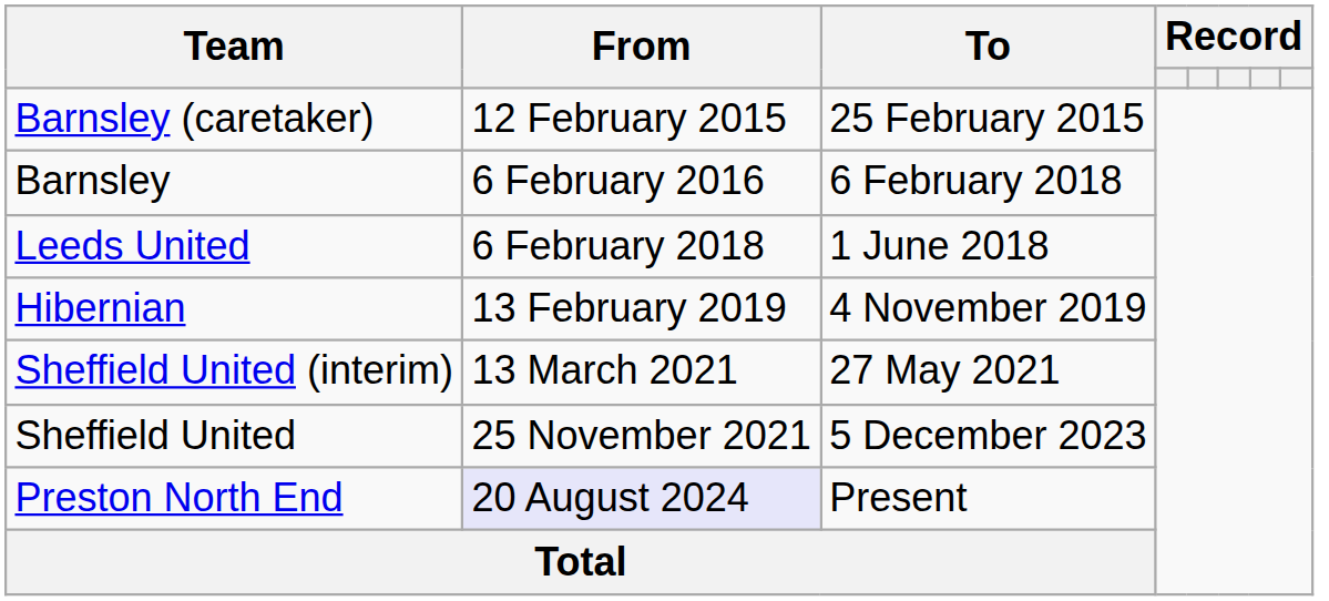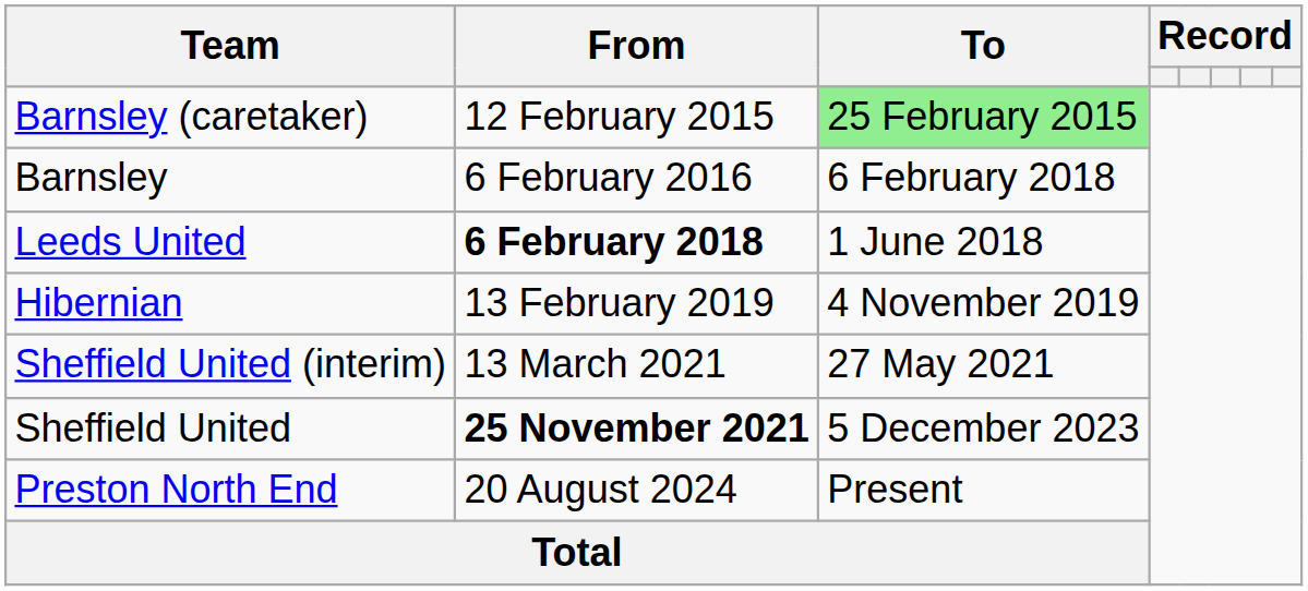 <table class="wikitable" style="text-align: center;">
 <tr>
 <th rowspan="2">Team</th>
 <th rowspan="2">From</th>
 <th rowspan="2">To</th>
 <th colspan="5">Record</th>
 </tr>
 <tr>
 <th></th>
 <th></th>
 <th></th>
 <th></th>
 <th></th>
 </tr>
 <tr>
 <td align="left"><a href='#'>Barnsley</a> (caretaker)</td>
 <td align="left">12 February 2015</td>
-<td align="left">25 February 2015<br></td>
+<td align="left" style="background: lightgreen;">25 February 2015<br></td>
 </tr>
 <tr>
 <td align="left">Barnsley</td>
 <td align="left">6 February 2016</td>
 <td align="left">6 February 2018<br></td>
 </tr>
 <tr>
 <td align="left"><a href='#'>Leeds United</a></td>
-<td align="left">6 February 2018</td>
+<td align="left"><strong>6 February 2018</strong></td>
 <td align="left">1 June 2018<br></td>
 </tr>
 <tr>
 <td align="left"><a href='#'>Hibernian</a></td>
 <td align="left">13 February 2019</td>
 <td align="left">4 November 2019<br></td>
 </tr>
 <tr>
 <td align="left"><a href='#'>Sheffield United</a> (interim)</td>
 <td align="left">13 March 2021</td>
 <td align="left">27 May 2021<br></td>
 </tr>
 <tr>
 <td align="left">Sheffield United</td>
-<td align="left">25 November 2021</td>
+<td align="left"><strong>25 November 2021</strong></td>
 <td align="left">5 December 2023<br></td>
 </tr>
 <tr>
 <td align=left><a href='#'>Preston North End</a></td>
-<td align=left style="background: lavender;">20 August 2024</td>
+<td align=left>20 August 2024</td>
 <td align=left>Present<br></td>
 </tr>
 <tr>
 <th colspan="3">Total<br></th>
 </tr>
 </table>
